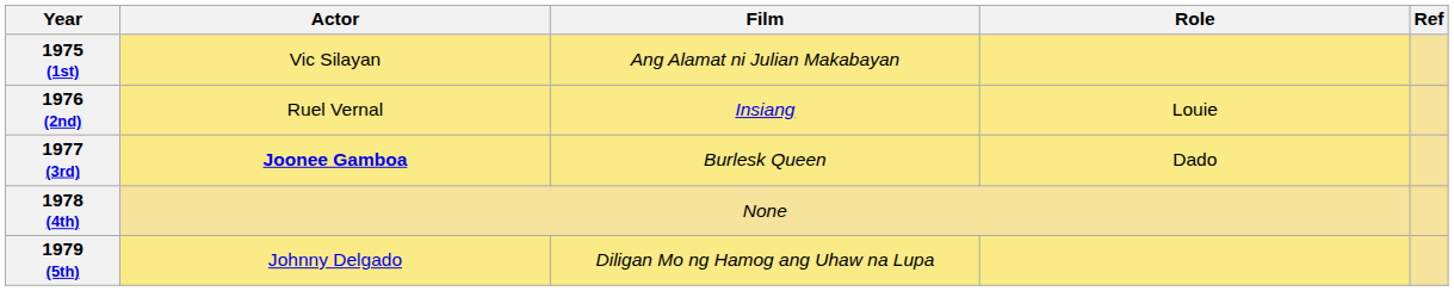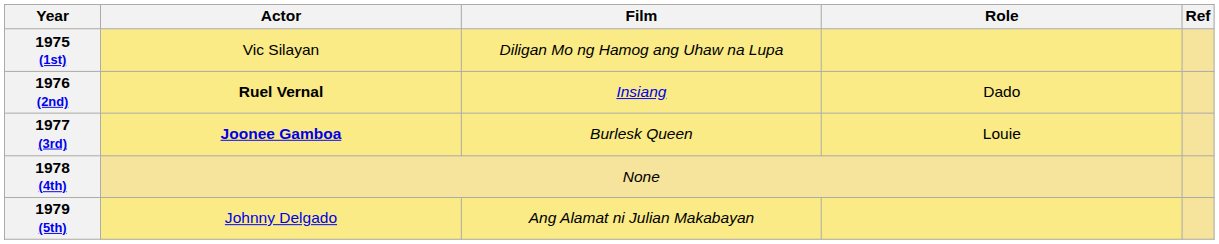 <table class="wikitable" rowspan="2" style="text-align:center; background: #f6e39c">
 <tr style="background:#bebebe;">
 <th scope="col" style="width:8%;">Year</th>
 <th scope="col" style="width:30%;">Actor</th>
 <th scope="col" style="width:30%;">Film</th>
 <th scope="col" style="width:30%;">Role</th>
 <th scope="col" style="width:2%;">Ref</th>
 </tr>
 <tr>
 <th scope="row" style="text-align:center">1975 <br><small><a href='#'>(1st)</a> </small></th>
 <td style="background:#FAEB86">Vic Silayan</td>
-<td style="background:#FAEB86"><em>Ang Alamat ni Julian Makabayan</em></td>
+<td style="background:#FAEB86"><em>Diligan Mo ng Hamog ang Uhaw na Lupa</em></td>
 <td style="background:#FAEB86"></td>
 <td></td>
 </tr>
 <tr>
 <th scope="row" style="text-align:center">1976 <br><small><a href='#'>(2nd)</a> </small></th>
-<td style="background:#FAEB86">Ruel Vernal</td>
+<td style="background:#FAEB86"><strong>Ruel Vernal</strong></td>
 <td style="background:#FAEB86"><em><a href='#'>Insiang</a></em></td>
-<td style="background:#FAEB86">Louie</td>
+<td style="background:#FAEB86">Dado</td>
 <td></td>
 </tr>
 <tr>
 <th scope="row" style="text-align:center">1977 <br><small><a href='#'>(3rd)</a> </small></th>
 <td style="background:#FAEB86"><strong><a href='#'>Joonee Gamboa</a> </strong></td>
 <td style="background:#FAEB86"><em>Burlesk Queen</em></td>
-<td style="background:#FAEB86">Dado</td>
+<td style="background:#FAEB86">Louie</td>
 <td></td>
 </tr>
 <tr>
 <th scope="row" style="text-align:center">1978 <br><small><a href='#'>(4th)</a> </small></th>
 <td colspan=3><em>None</em></td>
 <td></td>
 </tr>
 <tr>
 <th scope="row" style="text-align:center">1979 <br><small><a href='#'>(5th)</a> </small></th>
 <td style="background:#FAEB86"><a href='#'>Johnny Delgado</a></td>
-<td style="background:#FAEB86"><em>Diligan Mo ng Hamog ang Uhaw na Lupa</em></td>
+<td style="background:#FAEB86"><em>Ang Alamat ni Julian Makabayan</em></td>
 <td style="background:#FAEB86"></td>
 <td></td>
 </tr>
 </table>
